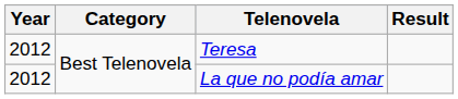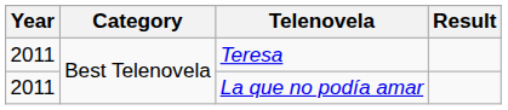 <table class="wikitable">
 <tr style="background:#b0c4de;">
 <th>Year</th>
 <th>Category</th>
 <th>Telenovela</th>
 <th>Result</th>
 </tr>
 <tr>
-<td>2012</td>
+<td>2011</td>
 <td rowspan=2>Best Telenovela</td>
 <td><em><a href='#'>Teresa</a></em></td>
 <td></td>
 </tr>
 <tr>
-<td>2012</td>
+<td>2011</td>
 <td><em><a href='#'>La que no podía amar</a></em></td>
 <td></td>
 </tr>
 </table>
